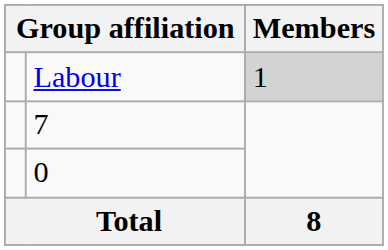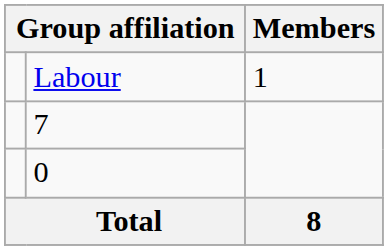 <table class="wikitable">
 <tr>
 <th colspan="2" width=120px>Group affiliation</th>
 <th>Members</th>
 </tr>
 <tr>
 <td style="width: 4px" style="background-color:"> </td>
 <td><a href='#'>Labour</a></td>
-<td style="background: lightgrey;">1</td>
+<td>1</td>
 </tr>
 <tr>
 <td></td>
 <td>7</td>
 </tr>
 <tr>
 <td></td>
 <td>0</td>
 </tr>
 <tr>
 <th colspan="2" rowspan="1"> Total<br></th>
 <th>8</th>
 </tr>
 </table>
